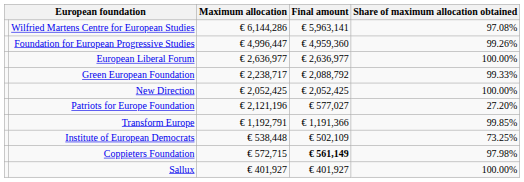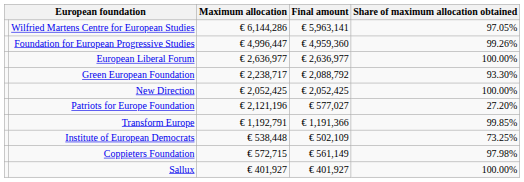 <table class="wikitable centre sortable" style=text-align:right>
 <tr>
 <th colspan="2">European foundation</th>
 <th>Maximum allocation</th>
 <th>Final amount</th>
 <th>Share of maximum allocation obtained</th>
 </tr>
 <tr>
 <td></td>
 <td><a href='#'>Wilfried Martens Centre for European Studies</a></td>
 <td>€ 6,144,286</td>
 <td>€ 5,963,141</td>
-<td>97.08%</td>
+<td>97.05%</td>
 </tr>
 <tr>
 <td></td>
 <td><a href='#'>Foundation for European Progressive Studies</a></td>
 <td>€ 4,996,447</td>
 <td>€ 4,959,360</td>
 <td>99.26%</td>
 </tr>
 <tr>
 <td></td>
 <td><a href='#'>European Liberal Forum</a></td>
 <td>€ 2,636,977</td>
 <td>€ 2,636,977</td>
 <td>100.00%</td>
 </tr>
 <tr>
 <td></td>
 <td><a href='#'>Green European Foundation</a></td>
 <td>€ 2,238,717</td>
 <td>€ 2,088,792</td>
-<td>99.33%</td>
+<td>93.30%</td>
 </tr>
 <tr>
 <td></td>
 <td><a href='#'>New Direction</a></td>
 <td>€ 2,052,425</td>
 <td>€ 2,052,425</td>
 <td>100.00%</td>
 </tr>
 <tr>
 <td></td>
 <td><a href='#'>Patriots for Europe Foundation</a></td>
 <td>€ 2,121,196</td>
 <td>€ 577,027</td>
 <td>27.20%</td>
 </tr>
 <tr>
 <td></td>
 <td><a href='#'>Transform Europe</a></td>
 <td>€ 1,192,791</td>
 <td>€ 1,191,366</td>
 <td>99.85%</td>
 </tr>
 <tr>
 <td></td>
 <td><a href='#'>Institute of European Democrats</a></td>
 <td>€ 538,448</td>
 <td>€ 502,109</td>
 <td>73.25%</td>
 </tr>
 <tr>
 <td></td>
 <td><a href='#'>Coppieters Foundation</a></td>
 <td>€ 572,715</td>
-<td><strong>€ 561,149</strong></td>
+<td>€ 561,149</td>
 <td>97.98%</td>
 </tr>
 <tr>
 <td></td>
 <td><a href='#'>Sallux</a></td>
 <td>€ 401,927</td>
 <td>€ 401,927</td>
 <td>100.00%</td>
 </tr>
 </table>
